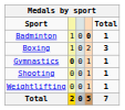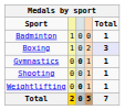 <table class="wikitable" style="font-size:85%; text-align:center">
 <tr style="background:#efefef;">
 <th colspan="7"><strong>Medals by sport</strong></th>
 </tr>
 <tr>
 <td><strong>Sport</strong></td>
 <td bgcolor="#F7F6A8"></td>
 <td bgcolor="#DCE5E5"></td>
 <td bgcolor="#FFDAB9"></td>
 <td><strong>Total</strong></td>
 </tr>
 <tr>
 <td><a href='#'>Badminton</a></td>
 <td bgcolor="#F7F6A8">1</td>
 <td bgcolor="#DCE5E5">0</td>
-<td bgcolor="#FFDAB9"><strong>0</strong></td>
+<td bgcolor="#FFDAB9">0</td>
 <td><strong>1</strong></td>
 </tr>
 <tr>
 <td><a href='#'>Boxing</a></td>
 <td style="background:#F7F6A8;">1</td>
 <td style="background:#DCE5E5;">0</td>
 <td style="background:#FFDAB9;">2</td>
-<td><strong>3</strong></td>
+<td style="background: lavender;"><strong>3</strong></td>
 </tr>
 <tr>
 <td><a href='#'>Gymnastics</a></td>
-<td style="background:#F7F6A8;"><strong>0</strong></td>
-<td style="background:#DCE5E5;">0</td>
+<td style="background:#F7F6A8;">0</td>
+<td style="background:#DCE5E5;"><strong>0</strong></td>
 <td style="background:#FFDAB9;">1</td>
 <td><strong>1</strong></td>
 </tr>
 <tr>
 <td><a href='#'>Shooting</a></td>
 <td style="background:#F7F6A8;">0</td>
 <td style="background:#DCE5E5;">0</td>
 <td style="background:#FFDAB9;">1</td>
 <td><strong>1</strong></td>
 </tr>
 <tr>
 <td><a href='#'>Weightlifting</a></td>
 <td style="background:#F7F6A8;">0</td>
-<td style="background:#DCE5E5;">0</td>
+<td style="background:#DCE5E5;"><strong>0</strong></td>
 <td style="background:#FFDAB9;">1</td>
 <td><strong>1</strong></td>
 </tr>
 <tr>
 <th><strong>Total</strong></th>
 <th style="background:gold;"><strong>2</strong></th>
 <th style="background:silver;"><strong>0</strong></th>
 <th style="background:#c96;"><strong>5</strong></th>
 <th><strong>7</strong></th>
 </tr>
 </table>
